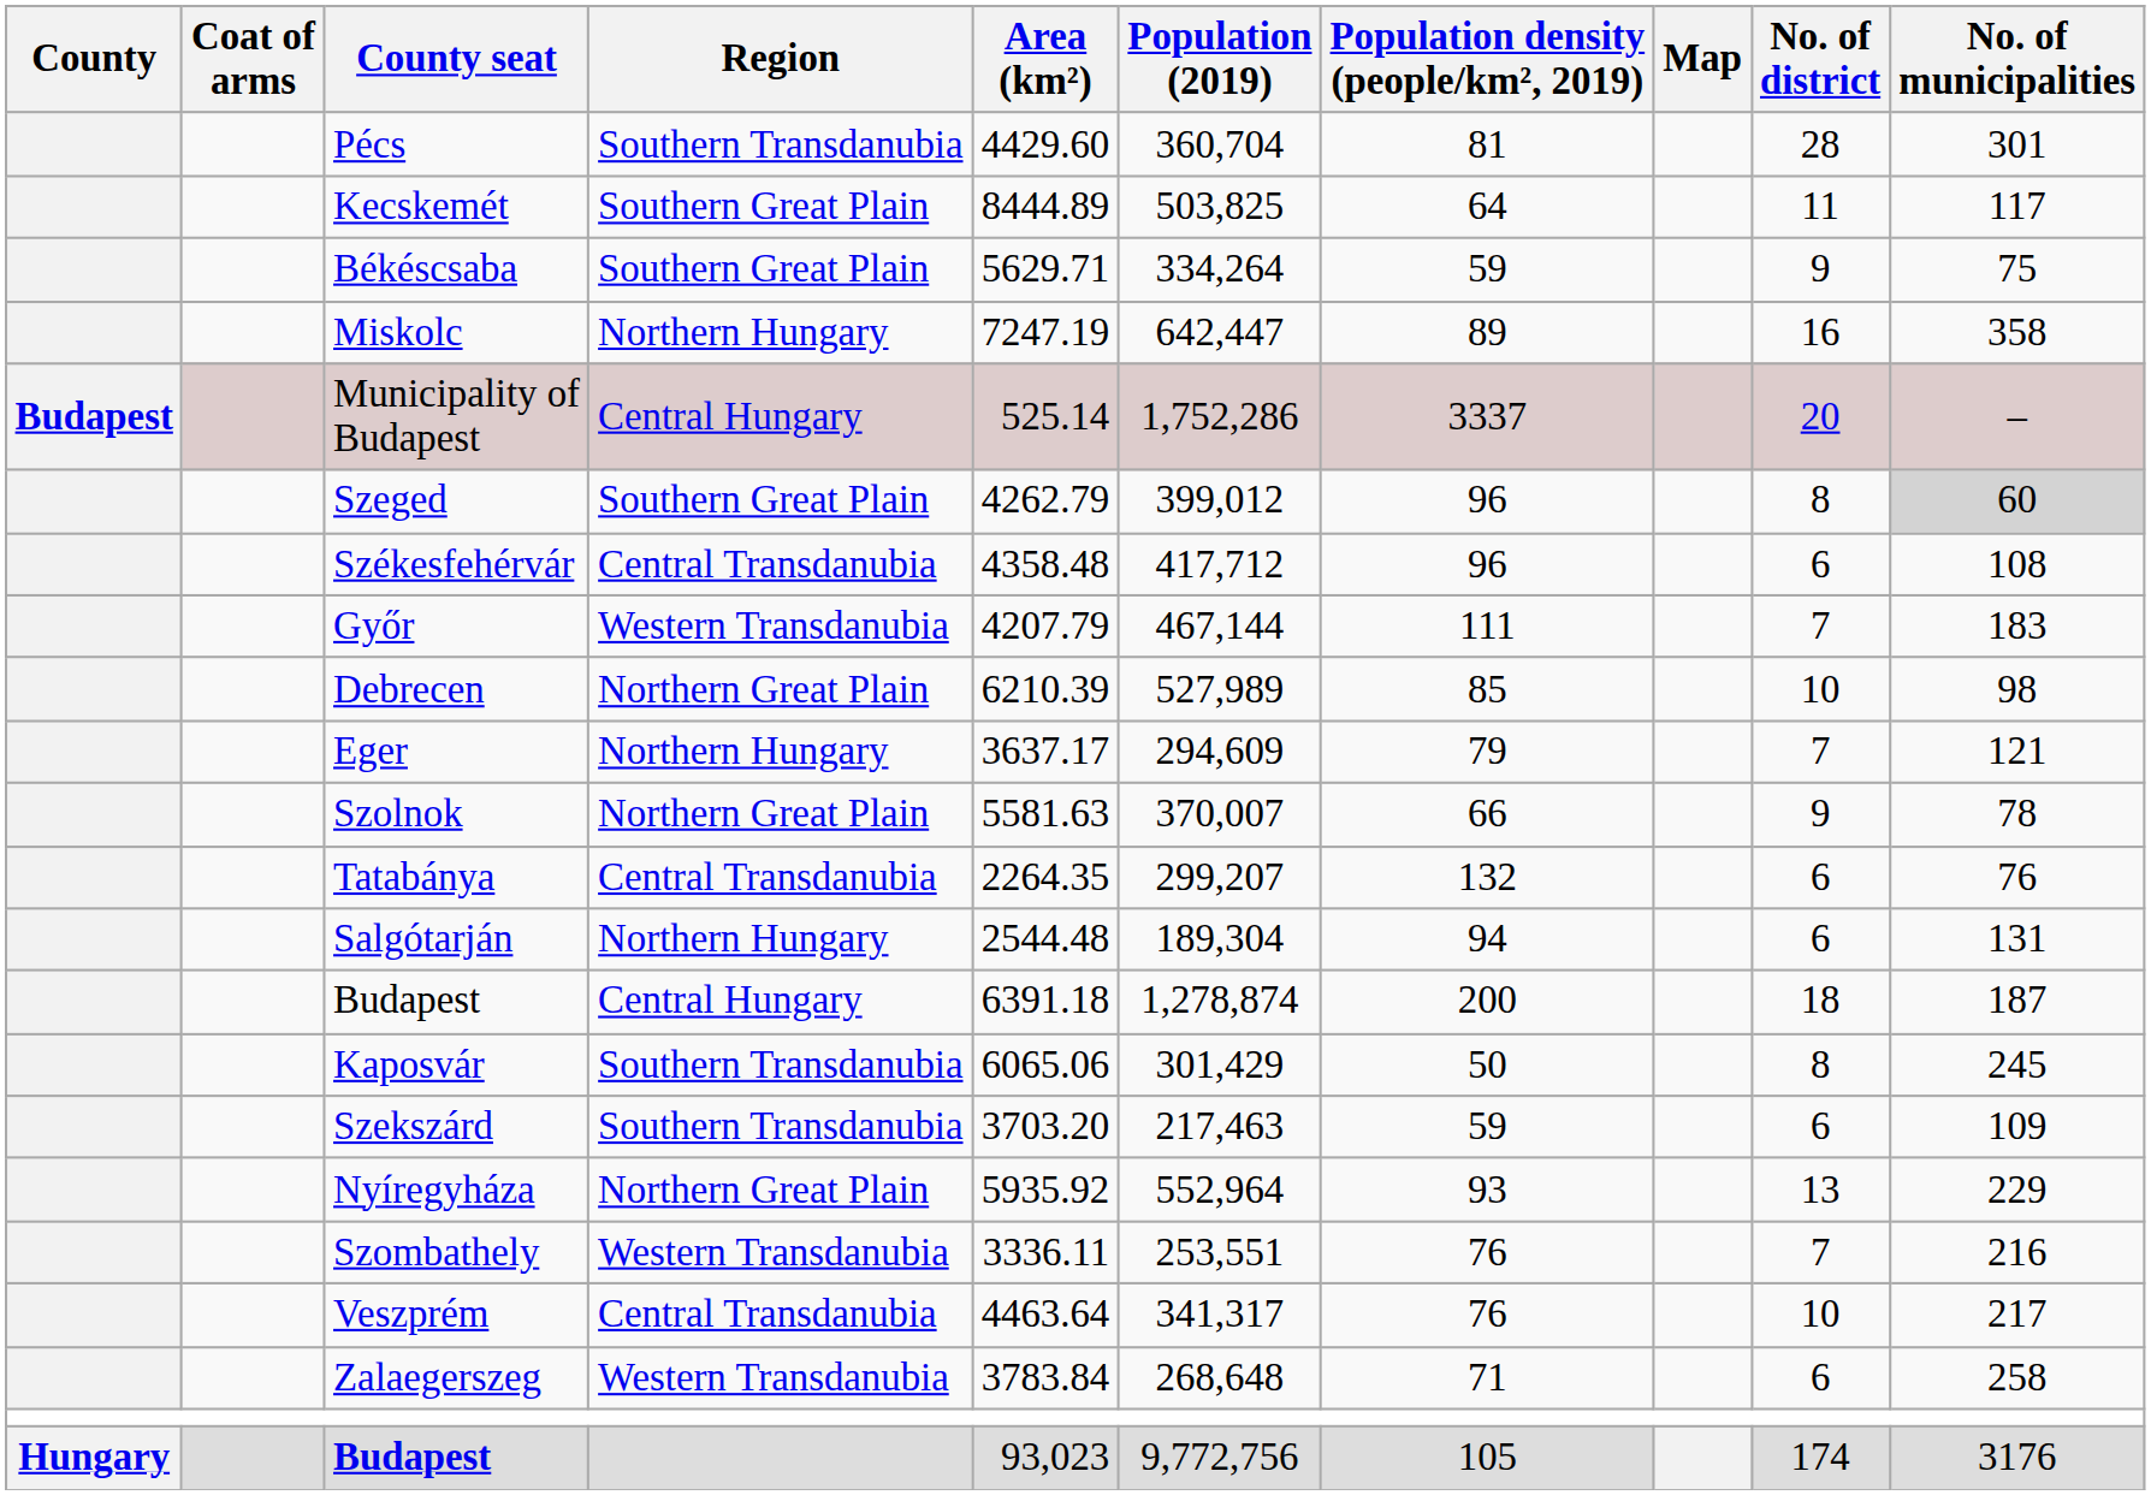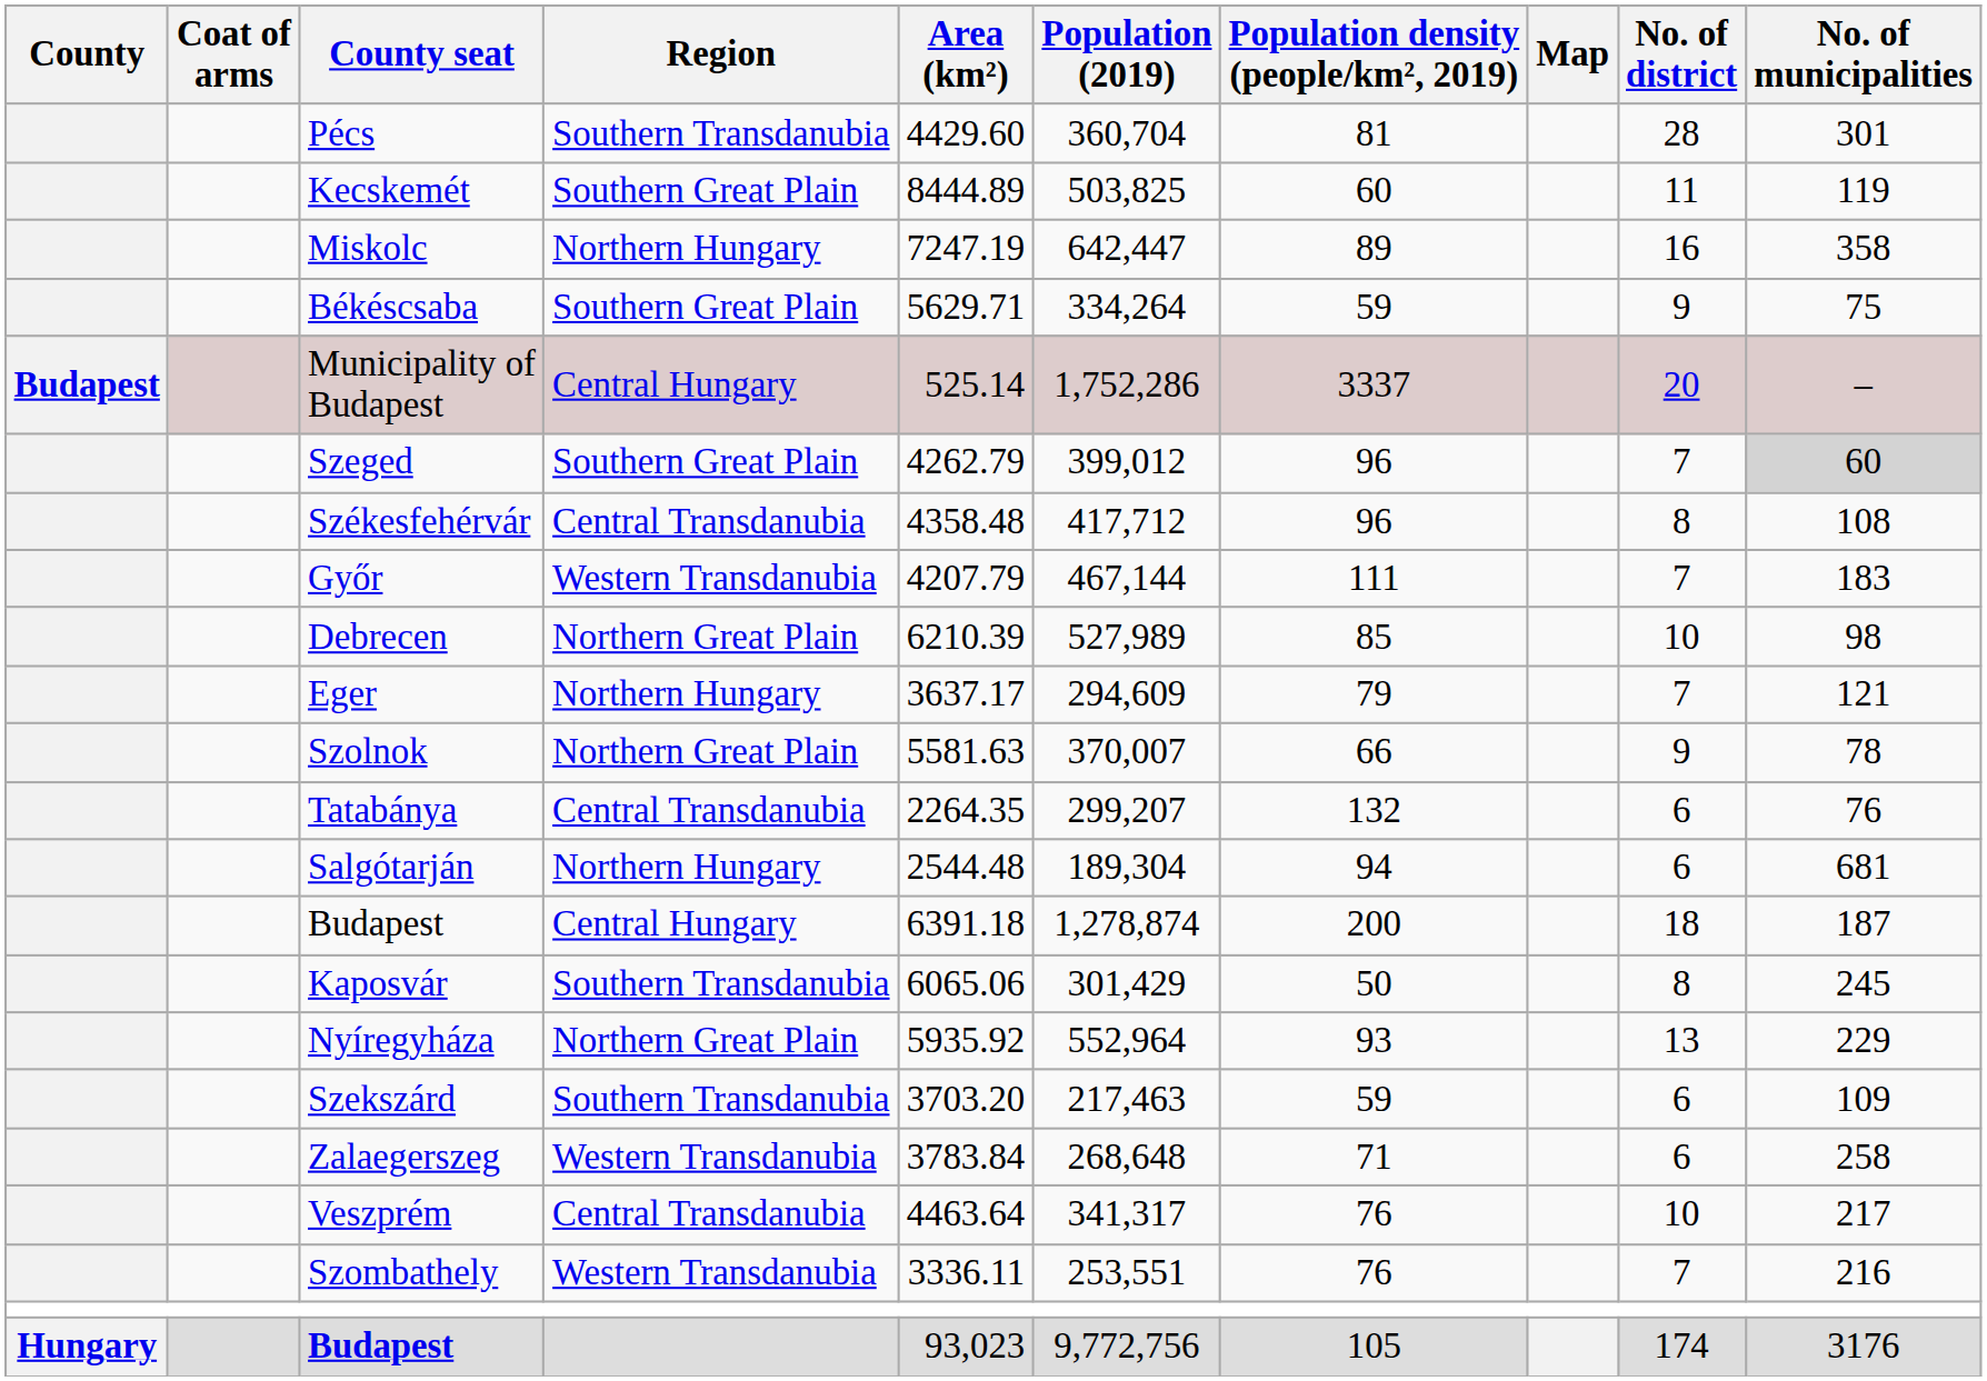 <table class="wikitable sortable">
 <tr>
 <th>County</th>
 <th class="unsortable">Coat of<br> arms</th>
 <th><a href='#'>County seat</a></th>
 <th>Region</th>
 <th><a href='#'>Area</a><br>(km²)</th>
 <th><a href='#'>Population</a><br>(2019)</th>
 <th><a href='#'>Population density</a><br>(people/km², 2019)</th>
 <th>Map</th>
 <th>No. of<br><a href='#'>district</a></th>
 <th>No. of<br>municipalities</th>
 </tr>
 <tr>
 <th scope=row; align="left"></th>
 <td align="center"></td>
 <td><a href='#'>Pécs</a></td>
 <td><a href='#'>Southern Transdanubia</a></td>
 <td align="right">4429.60</td>
 <td align="center">360,704</td>
 <td align="center">81</td>
 <td></td>
 <td align="center">28</td>
 <td align="center">301</td>
 </tr>
 <tr>
 <th scope=row; align="left"></th>
 <td align="center"></td>
 <td><a href='#'>Kecskemét</a></td>
 <td><a href='#'>Southern Great Plain</a></td>
 <td align="right">8444.89</td>
 <td align="center">503,825</td>
-<td align="center">64</td>
+<td align="center">60</td>
 <td></td>
 <td align="center">11</td>
-<td align="center">117</td>
+<td align="center">119</td>
+</tr>
+<tr>
+<th scope=row; align="left"></th>
+<td align="center"></td>
+<td><a href='#'>Miskolc</a></td>
+<td><a href='#'>Northern Hungary</a></td>
+<td align="right">7247.19</td>
+<td align="center">642,447</td>
+<td align="center">89</td>
+<td></td>
+<td align="center">16</td>
+<td align="center">358</td>
 </tr>
 <tr>
 <th scope=row; align="left"></th>
 <td align="center"></td>
 <td><a href='#'>Békéscsaba</a></td>
 <td><a href='#'>Southern Great Plain</a></td>
 <td align="right">5629.71</td>
 <td align="center">334,264</td>
 <td align="center">59</td>
 <td></td>
 <td align="center">9</td>
 <td align="center">75</td>
-</tr>
-<tr>
-<th scope=row; align="left"></th>
-<td align="center"></td>
-<td><a href='#'>Miskolc</a></td>
-<td><a href='#'>Northern Hungary</a></td>
-<td align="right">7247.19</td>
-<td align="center">642,447</td>
-<td align="center">89</td>
-<td></td>
-<td align="center">16</td>
-<td align="center">358</td>
 </tr>
 <tr style="background:#dcc;">
 <th scope=row; align="left"><a href='#'>Budapest</a></th>
 <td align="center"></td>
 <td>Municipality of<br>Budapest<br></td>
 <td><a href='#'>Central Hungary</a></td>
 <td align="right">525.14</td>
 <td align="center">1,752,286</td>
 <td align="center">3337</td>
 <td></td>
 <td align="center"><a href='#'>20</a></td>
 <td align="center">–</td>
 </tr>
 <tr>
 <th scope=row; align="left"></th>
 <td align="center"></td>
 <td><a href='#'>Szeged</a></td>
 <td><a href='#'>Southern Great Plain</a></td>
 <td align="right">4262.79</td>
 <td align="center">399,012</td>
 <td align="center">96</td>
 <td></td>
-<td align="center">8</td>
+<td align="center">7</td>
 <td align="center" style="background: lightgrey;">60</td>
 </tr>
 <tr>
 <th scope=row; align="left"></th>
 <td align="center"></td>
 <td><a href='#'>Székesfehérvár</a></td>
 <td><a href='#'>Central Transdanubia</a></td>
 <td align="right">4358.48</td>
 <td align="center">417,712</td>
 <td align="center">96</td>
 <td></td>
-<td align="center">6</td>
+<td align="center">8</td>
 <td align="center">108</td>
 </tr>
 <tr>
 <th scope=row; align="left"></th>
 <td align="center"></td>
 <td><a href='#'>Győr</a></td>
 <td><a href='#'>Western Transdanubia</a></td>
 <td align="right">4207.79</td>
 <td align="center">467,144</td>
 <td align="center">111</td>
 <td></td>
 <td align="center">7</td>
 <td align="center">183</td>
 </tr>
 <tr>
 <th scope=row; align="left"></th>
 <td align="center"></td>
 <td><a href='#'>Debrecen</a></td>
 <td><a href='#'>Northern Great Plain</a></td>
 <td align="right">6210.39</td>
 <td align="center">527,989</td>
 <td align="center">85</td>
 <td></td>
 <td align="center">10</td>
 <td align="center">98</td>
 </tr>
 <tr>
 <th scope=row; align="left"></th>
 <td align="center"></td>
 <td><a href='#'>Eger</a></td>
 <td><a href='#'>Northern Hungary</a></td>
 <td align="right">3637.17</td>
 <td align="center">294,609</td>
 <td align="center">79</td>
 <td></td>
 <td align="center">7</td>
 <td align="center">121</td>
 </tr>
 <tr>
 <th scope=row; align="left"></th>
 <td align="center"></td>
 <td><a href='#'>Szolnok</a></td>
 <td><a href='#'>Northern Great Plain</a></td>
 <td align="right">5581.63</td>
 <td align="center">370,007</td>
 <td align="center">66</td>
 <td></td>
 <td align="center">9</td>
 <td align="center">78</td>
 </tr>
 <tr>
 <th scope=row; align="left"></th>
 <td align="center"></td>
 <td><a href='#'>Tatabánya</a></td>
 <td><a href='#'>Central Transdanubia</a></td>
 <td align="right">2264.35</td>
 <td align="center">299,207</td>
 <td align="center">132</td>
 <td></td>
 <td align="center">6</td>
 <td align="center">76</td>
 </tr>
 <tr>
 <th scope=row; align="left"></th>
 <td align="center"></td>
 <td><a href='#'>Salgótarján</a></td>
 <td><a href='#'>Northern Hungary</a></td>
 <td align="right">2544.48</td>
 <td align="center">189,304</td>
 <td align="center">94</td>
 <td></td>
 <td align="center">6</td>
-<td align="center">131</td>
+<td align="center">681</td>
 </tr>
 <tr>
 <th scope=row; align="left"></th>
 <td align="center"></td>
 <td>Budapest</td>
 <td><a href='#'>Central Hungary</a></td>
 <td align="right">6391.18</td>
 <td align="center">1,278,874</td>
 <td align="center">200</td>
 <td></td>
 <td align="center">18</td>
 <td align="center">187</td>
 </tr>
 <tr>
 <th scope=row; align="left"></th>
 <td align="center"></td>
 <td><a href='#'>Kaposvár</a></td>
 <td><a href='#'>Southern Transdanubia</a></td>
 <td align="right">6065.06</td>
 <td align="center">301,429</td>
 <td align="center">50</td>
 <td></td>
 <td align="center">8</td>
 <td align="center">245</td>
 </tr>
 <tr>
 <th scope=row; align="left"></th>
 <td align="center"></td>
+<td><a href='#'>Nyíregyháza</a></td>
+<td><a href='#'>Northern Great Plain</a></td>
+<td align="right">5935.92</td>
+<td align="center">552,964</td>
+<td align="center">93</td>
+<td></td>
+<td align="center">13</td>
+<td align="center">229</td>
+</tr>
+<tr>
+<th scope=row; align="left"></th>
+<td align="center"></td>
 <td><a href='#'>Szekszárd</a></td>
 <td><a href='#'>Southern Transdanubia</a></td>
 <td align="right">3703.20</td>
 <td align="center">217,463</td>
 <td align="center">59</td>
 <td></td>
 <td align="center">6</td>
 <td align="center">109</td>
 </tr>
 <tr>
 <th scope=row; align="left"></th>
 <td align="center"></td>
-<td><a href='#'>Nyíregyháza</a></td>
-<td><a href='#'>Northern Great Plain</a></td>
-<td align="right">5935.92</td>
-<td align="center">552,964</td>
-<td align="center">93</td>
+<td><a href='#'>Zalaegerszeg</a></td>
+<td><a href='#'>Western Transdanubia</a></td>
+<td align="right">3783.84</td>
+<td align="center">268,648</td>
+<td align="center">71</td>
 <td></td>
-<td align="center">13</td>
-<td align="center">229</td>
-</tr>
-<tr>
-<th scope=row; align="left"></th>
-<td align="center"></td>
-<td><a href='#'>Szombathely</a></td>
-<td><a href='#'>Western Transdanubia</a></td>
-<td align="right">3336.11</td>
-<td align="center">253,551</td>
-<td align="center">76</td>
-<td></td>
-<td align="center">7</td>
-<td align="center">216</td>
+<td align="center">6</td>
+<td align="center">258</td>
 </tr>
 <tr>
 <th scope=row; align="left"></th>
 <td align="center"></td>
 <td><a href='#'>Veszprém</a></td>
 <td><a href='#'>Central Transdanubia</a></td>
 <td align="right">4463.64</td>
 <td align="center">341,317</td>
 <td align="center">76</td>
 <td></td>
 <td align="center">10</td>
 <td align="center">217</td>
 </tr>
 <tr>
 <th scope=row; align="left"></th>
 <td align="center"></td>
-<td><a href='#'>Zalaegerszeg</a></td>
+<td><a href='#'>Szombathely</a></td>
 <td><a href='#'>Western Transdanubia</a></td>
-<td align="right">3783.84</td>
-<td align="center">268,648</td>
-<td align="center">71</td>
+<td align="right">3336.11</td>
+<td align="center">253,551</td>
+<td align="center">76</td>
 <td></td>
-<td align="center">6</td>
-<td align="center">258</td>
+<td align="center">7</td>
+<td align="center">216</td>
 </tr>
 <tr>
 <td colspan="10" style="text-align: center;" bgcolor="white"></td>
 </tr>
 <tr style="background:#DDDDDD;">
 <th scope=row; align="left"><a href='#'>Hungary</a></th>
 <td align="center"></td>
 <td><strong><a href='#'>Budapest</a></strong></td>
 <td></td>
 <td align="right">93,023</td>
 <td align="center">9,772,756</td>
 <td align="center">105</td>
 <th></th>
 <td align="center">174</td>
 <td align="center">3176</td>
 </tr>
 </table>
